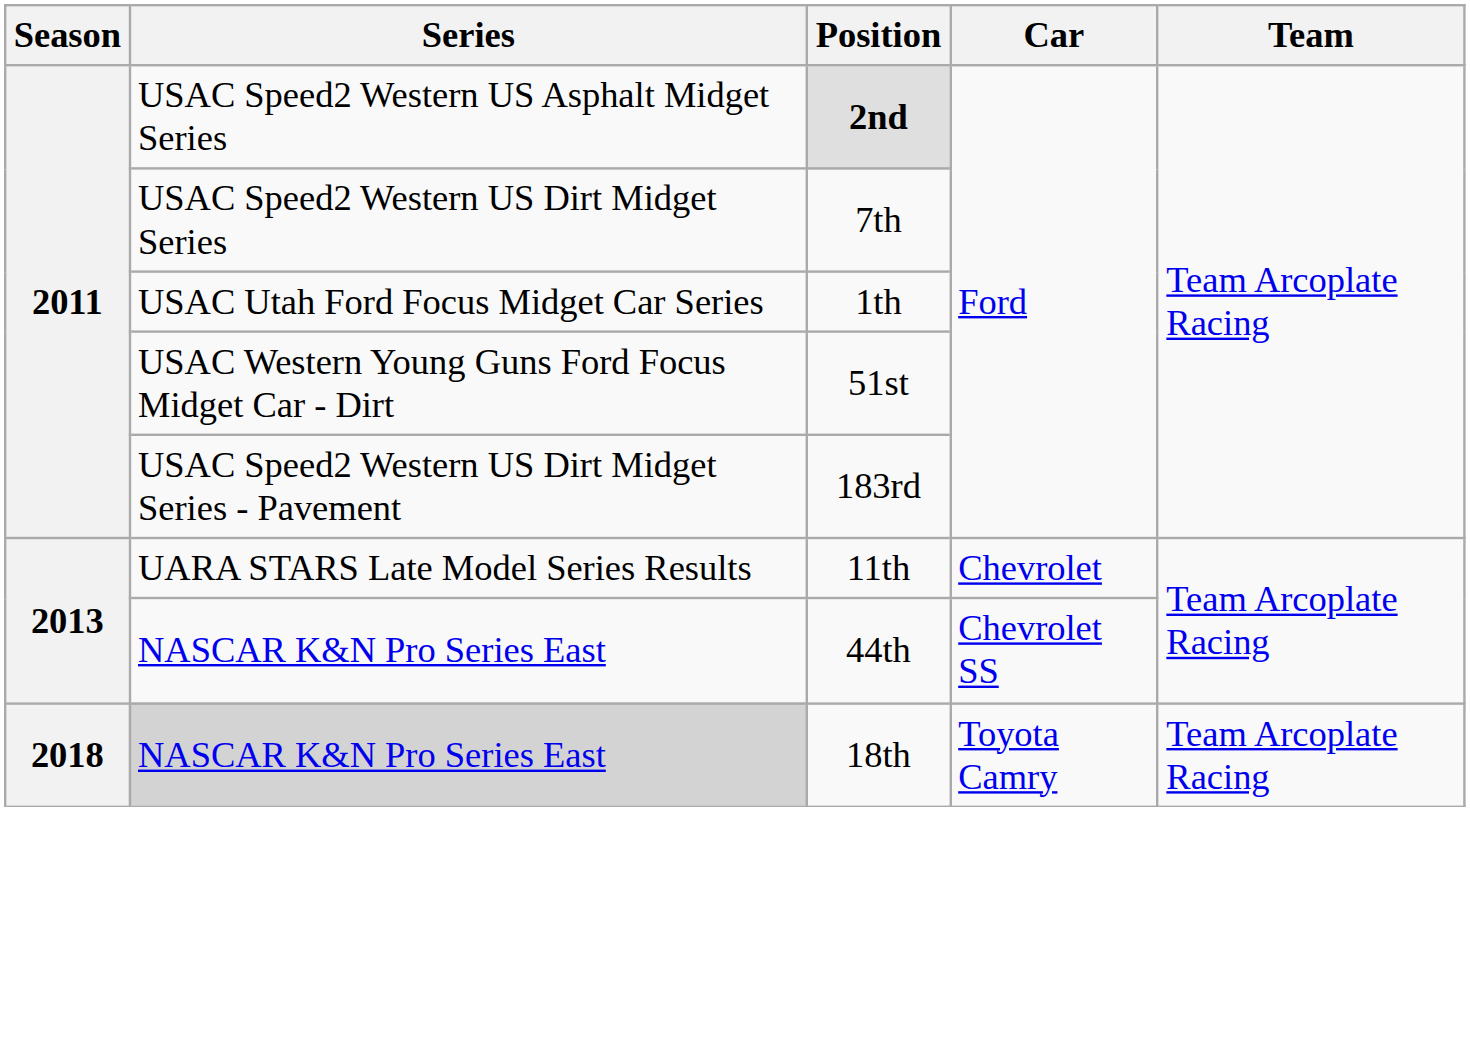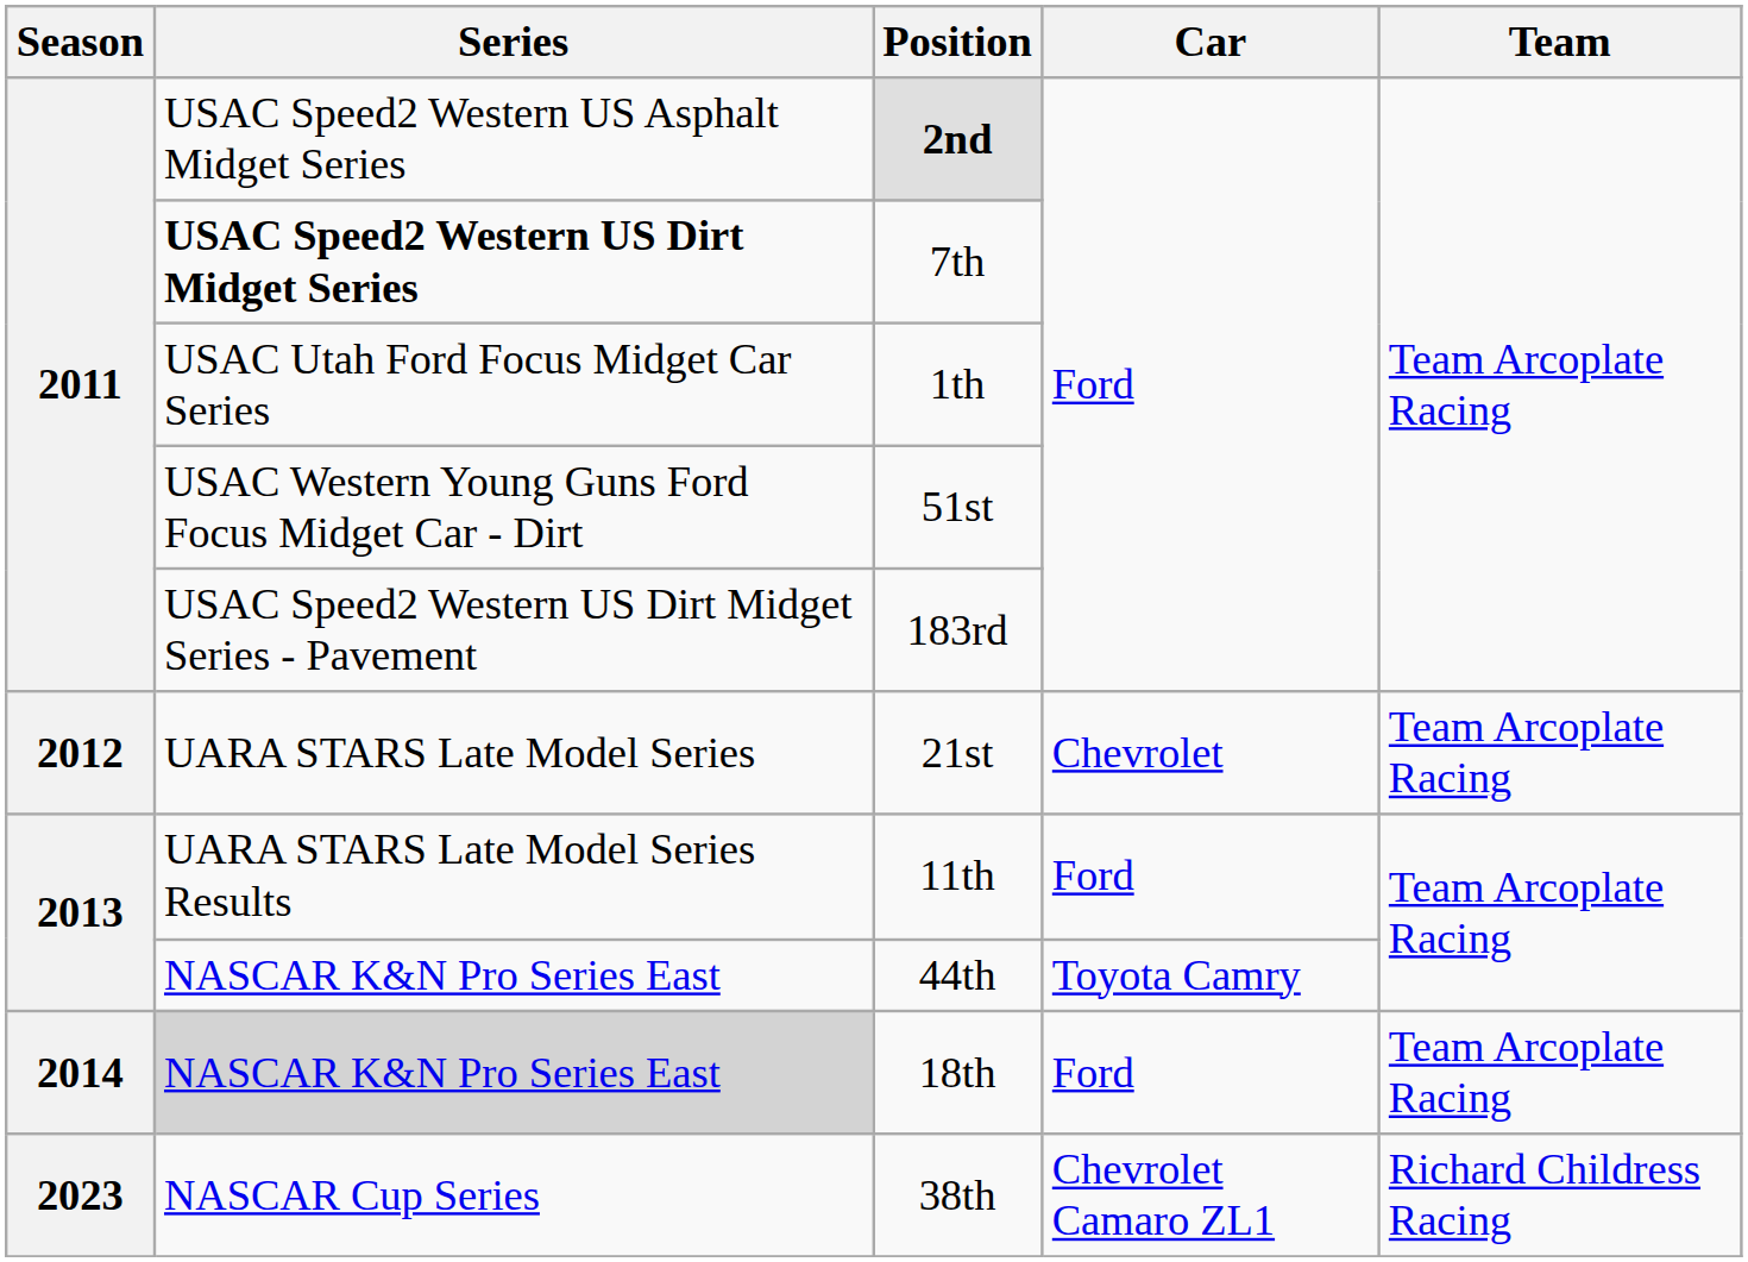 <table class="wikitable" style="font-size: 95%;">
 <tr>
 <th>Season</th>
 <th>Series</th>
 <th>Position</th>
 <th>Car</th>
 <th>Team</th>
 </tr>
 <tr>
 <th rowspan=5>2011</th>
 <td>USAC Speed2 Western US Asphalt Midget Series</td>
 <td align=center style="background:#dfdfdf"><strong>2nd</strong></td>
 <td rowspan=5><a href='#'>Ford</a></td>
 <td rowspan=5><a href='#'>Team Arcoplate Racing</a></td>
 </tr>
 <tr>
-<td>USAC Speed2 Western US Dirt Midget Series</td>
+<td><strong>USAC Speed2 Western US Dirt Midget Series</strong></td>
 <td align=center>7th</td>
 </tr>
 <tr>
 <td>USAC Utah Ford Focus Midget Car Series</td>
 <td align=center>1th</td>
 </tr>
 <tr>
 <td>USAC Western Young Guns Ford Focus Midget Car - Dirt</td>
 <td align=center>51st</td>
 </tr>
 <tr>
 <td>USAC Speed2 Western US Dirt Midget Series - Pavement</td>
 <td align=center>183rd</td>
 </tr>
 <tr>
+<th>2012</th>
+<td>UARA STARS Late Model Series</td>
+<td align=center>21st</td>
+<td><a href='#'>Chevrolet</a></td>
+<td><a href='#'>Team Arcoplate Racing</a></td>
+</tr>
+<tr>
 <th rowspan=2>2013</th>
 <td>UARA STARS Late Model Series Results</td>
 <td align=center>11th</td>
-<td><a href='#'>Chevrolet</a></td>
+<td><a href='#'>Ford</a></td>
 <td rowspan=2><a href='#'>Team Arcoplate Racing</a></td>
 </tr>
 <tr>
 <td><a href='#'>NASCAR K&N Pro Series East</a></td>
 <td align=center>44th</td>
-<td><a href='#'>Chevrolet SS</a></td>
+<td><a href='#'>Toyota Camry</a></td>
 </tr>
 <tr>
-<th>2018</th>
+<th>2014</th>
 <td style="background: lightgrey;"><a href='#'>NASCAR K&N Pro Series East</a></td>
 <td align=center>18th</td>
-<td><a href='#'>Toyota Camry</a></td>
+<td><a href='#'>Ford</a></td>
 <td><a href='#'>Team Arcoplate Racing</a></td>
 </tr>
+<tr>
+<th>2023</th>
+<td><a href='#'>NASCAR Cup Series</a></td>
+<td align=center style="background:">38th</td>
+<td><a href='#'>Chevrolet Camaro ZL1</a></td>
+<td><a href='#'>Richard Childress Racing</a></td>
+</tr>
 </table>
